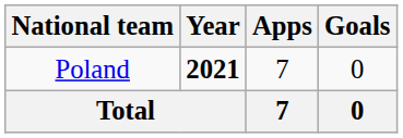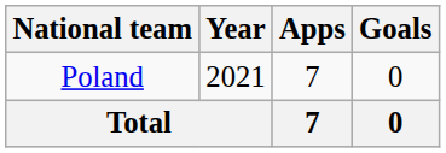 <table class=wikitable style=text-align:center>
 <tr>
 <th>National team</th>
 <th>Year</th>
 <th>Apps</th>
 <th>Goals</th>
 </tr>
 <tr>
 <td rowspan="1"><a href='#'>Poland</a></td>
-<td><strong>2021</strong></td>
+<td>2021</td>
 <td>7</td>
 <td>0</td>
 </tr>
 <tr>
 <th colspan="2">Total</th>
 <th>7</th>
 <th>0</th>
 </tr>
 </table>
